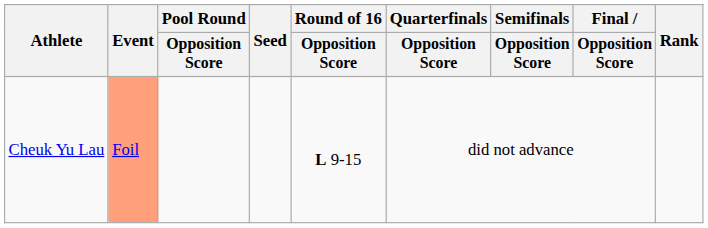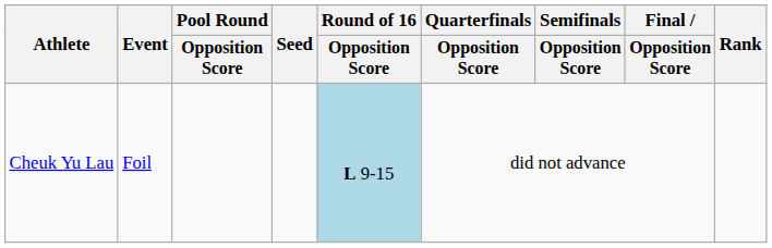 <table class=wikitable style="font-size:90%">
 <tr>
 <th rowspan="2">Athlete</th>
 <th rowspan="2">Event</th>
 <th>Pool Round</th>
 <th rowspan="2">Seed</th>
 <th>Round of 16</th>
 <th>Quarterfinals</th>
 <th>Semifinals</th>
 <th>Final / </th>
 <th rowspan=2>Rank</th>
 </tr>
 <tr style="font-size:95%">
 <th>Opposition<br>Score</th>
 <th>Opposition<br>Score</th>
 <th>Opposition<br>Score</th>
 <th>Opposition<br>Score</th>
 <th>Opposition<br>Score</th>
 </tr>
 <tr align=center>
 <td align=left><a href='#'>Cheuk Yu Lau</a></td>
-<td align=left style="background: lightsalmon;"><a href='#'>Foil</a></td>
+<td align=left><a href='#'>Foil</a></td>
 <td align=left><br><br><br><br><br><br><br></td>
 <td></td>
-<td><br><strong>L</strong> 9-15</td>
+<td style="background: lightblue;"><br><strong>L</strong> 9-15</td>
 <td colspan=3>did not advance</td>
 <td></td>
 </tr>
 </table>
